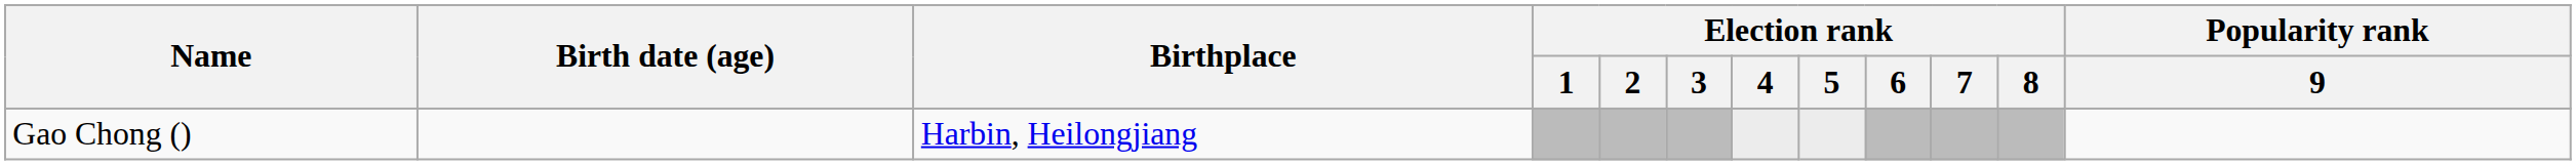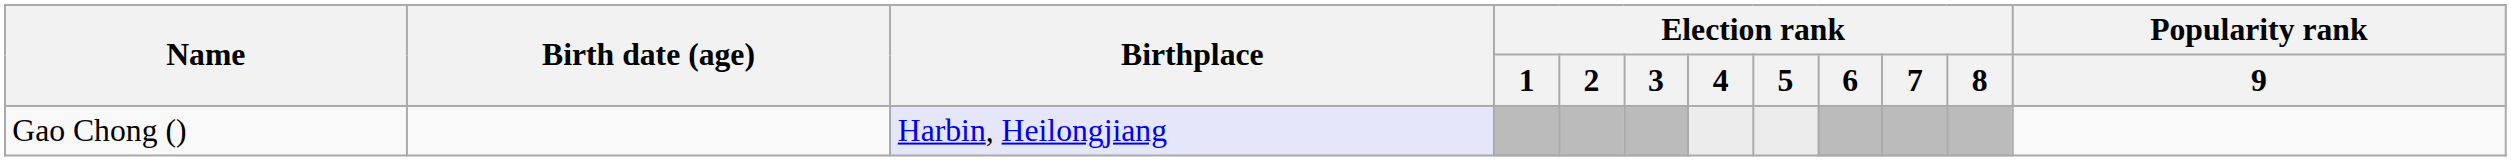 <table class="wikitable sortable"  style="text-align:center; width:100%;">
 <tr>
 <th rowspan="2">Name</th>
 <th rowspan="2">Birth date (age)</th>
 <th rowspan="2">Birthplace</th>
 <th colspan="8" class="unsortable">Election rank</th>
 <th>Popularity rank</th>
 </tr>
 <tr>
 <th data-sort-type="number">1</th>
 <th data-sort-type="number">2</th>
 <th data-sort-type="number">3</th>
 <th data-sort-type="number">4</th>
 <th data-sort-type="number">5</th>
 <th data-sort-type="number">6</th>
 <th data-sort-type="number">7</th>
 <th data-sort-type="number">8</th>
 <th>9</th>
 </tr>
 <tr>
 <td style="text-align:left;" data-sort-value="Gao, Chong">Gao Chong ()</td>
 <td style="text-align:left;"></td>
-<td style="text-align:left;"><a href='#'>Harbin</a>, <a href='#'>Heilongjiang</a></td>
+<td style="background: lavender; text-align:left;"><a href='#'>Harbin</a>, <a href='#'>Heilongjiang</a></td>
 <td style="background:#bbb;"> </td>
 <td style="background:#bbb;"> </td>
 <td style="background:#bbb;"> </td>
 <td style="background:#ececec; color:gray;"></td>
 <td style="background:#ececec; color:gray;"></td>
 <td style="background:#bbb;"> </td>
 <td style="background:#bbb;"> </td>
 <td style="background:#bbb;"> </td>
 <td> </td>
 </tr>
 </table>
